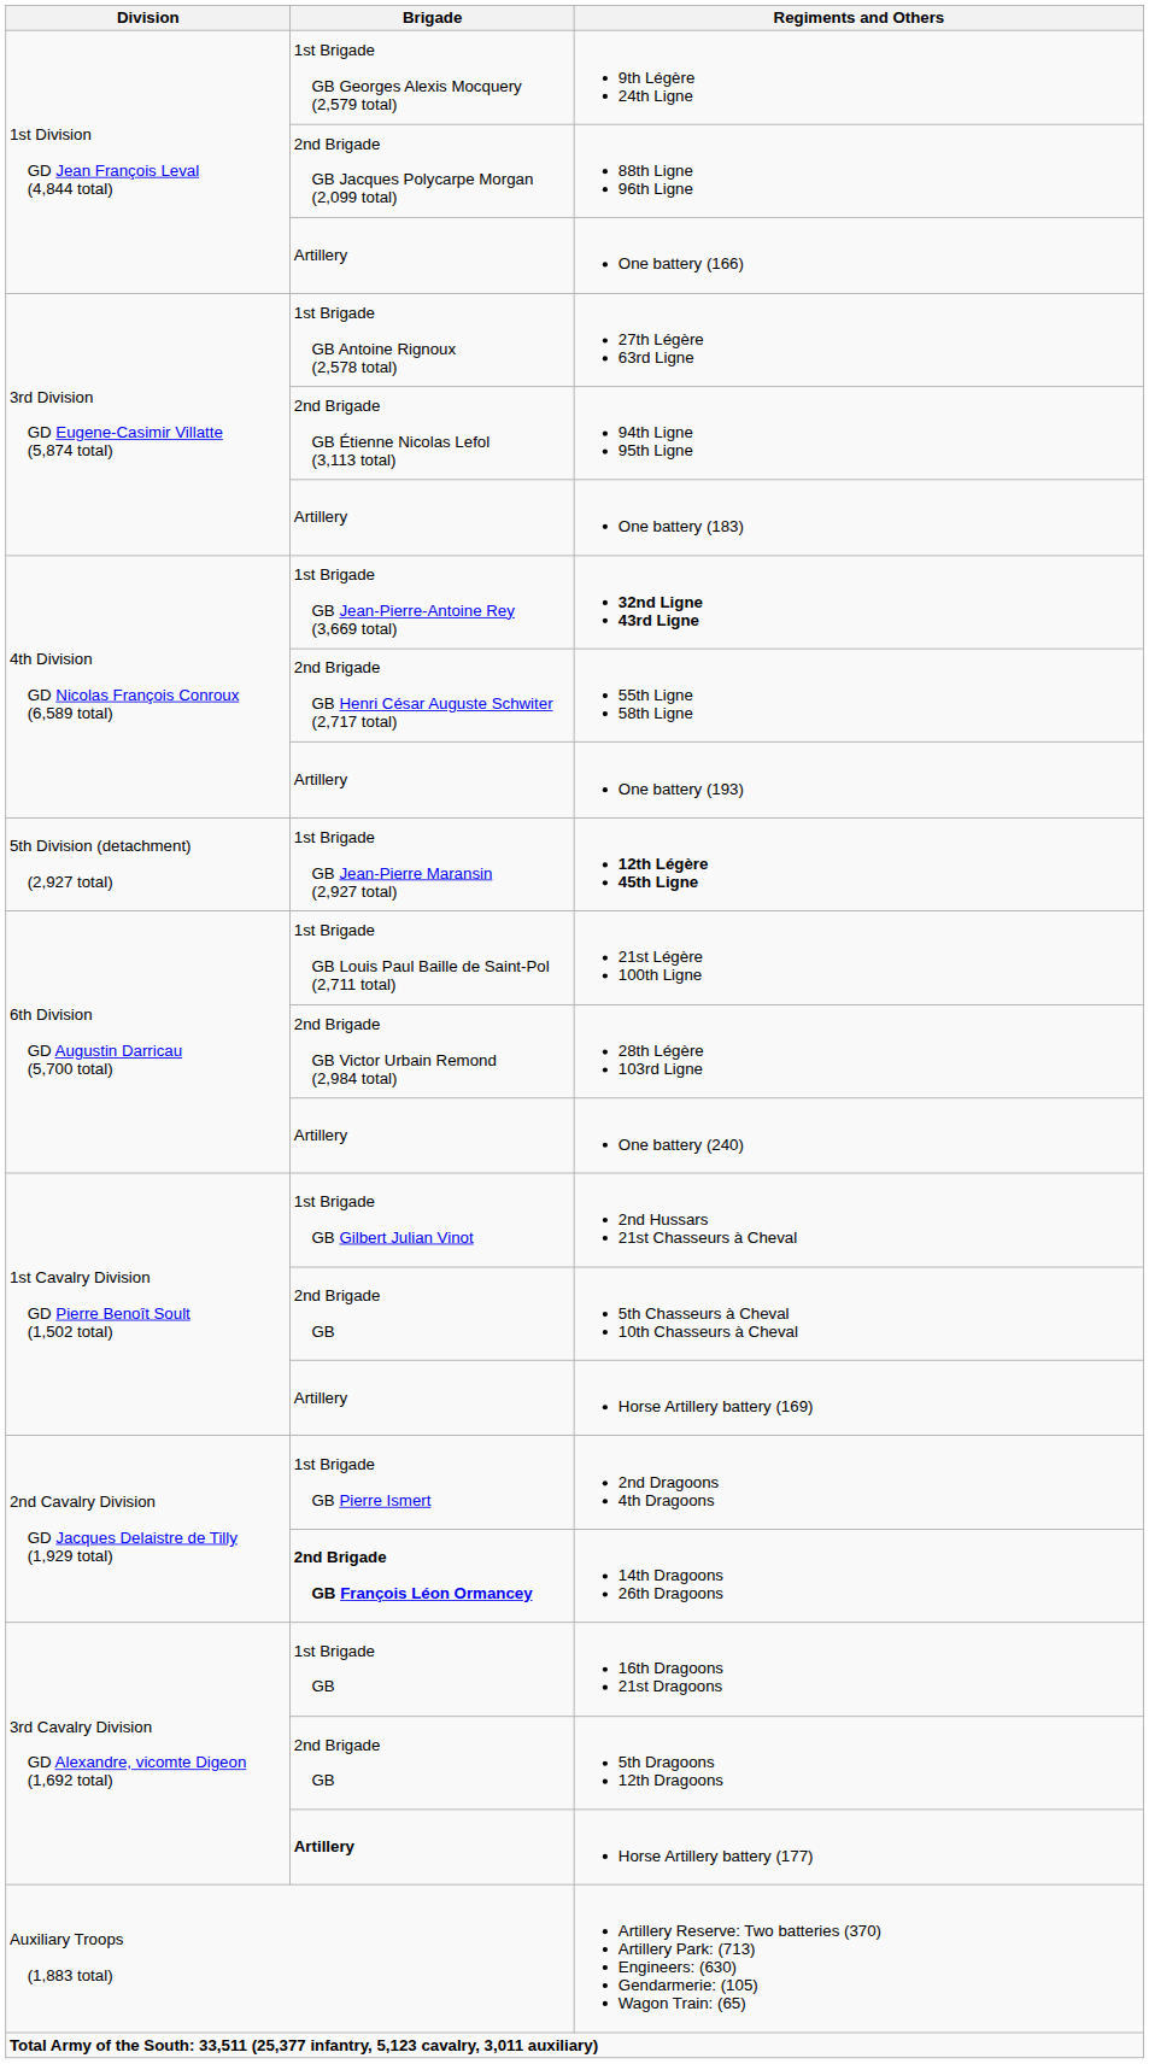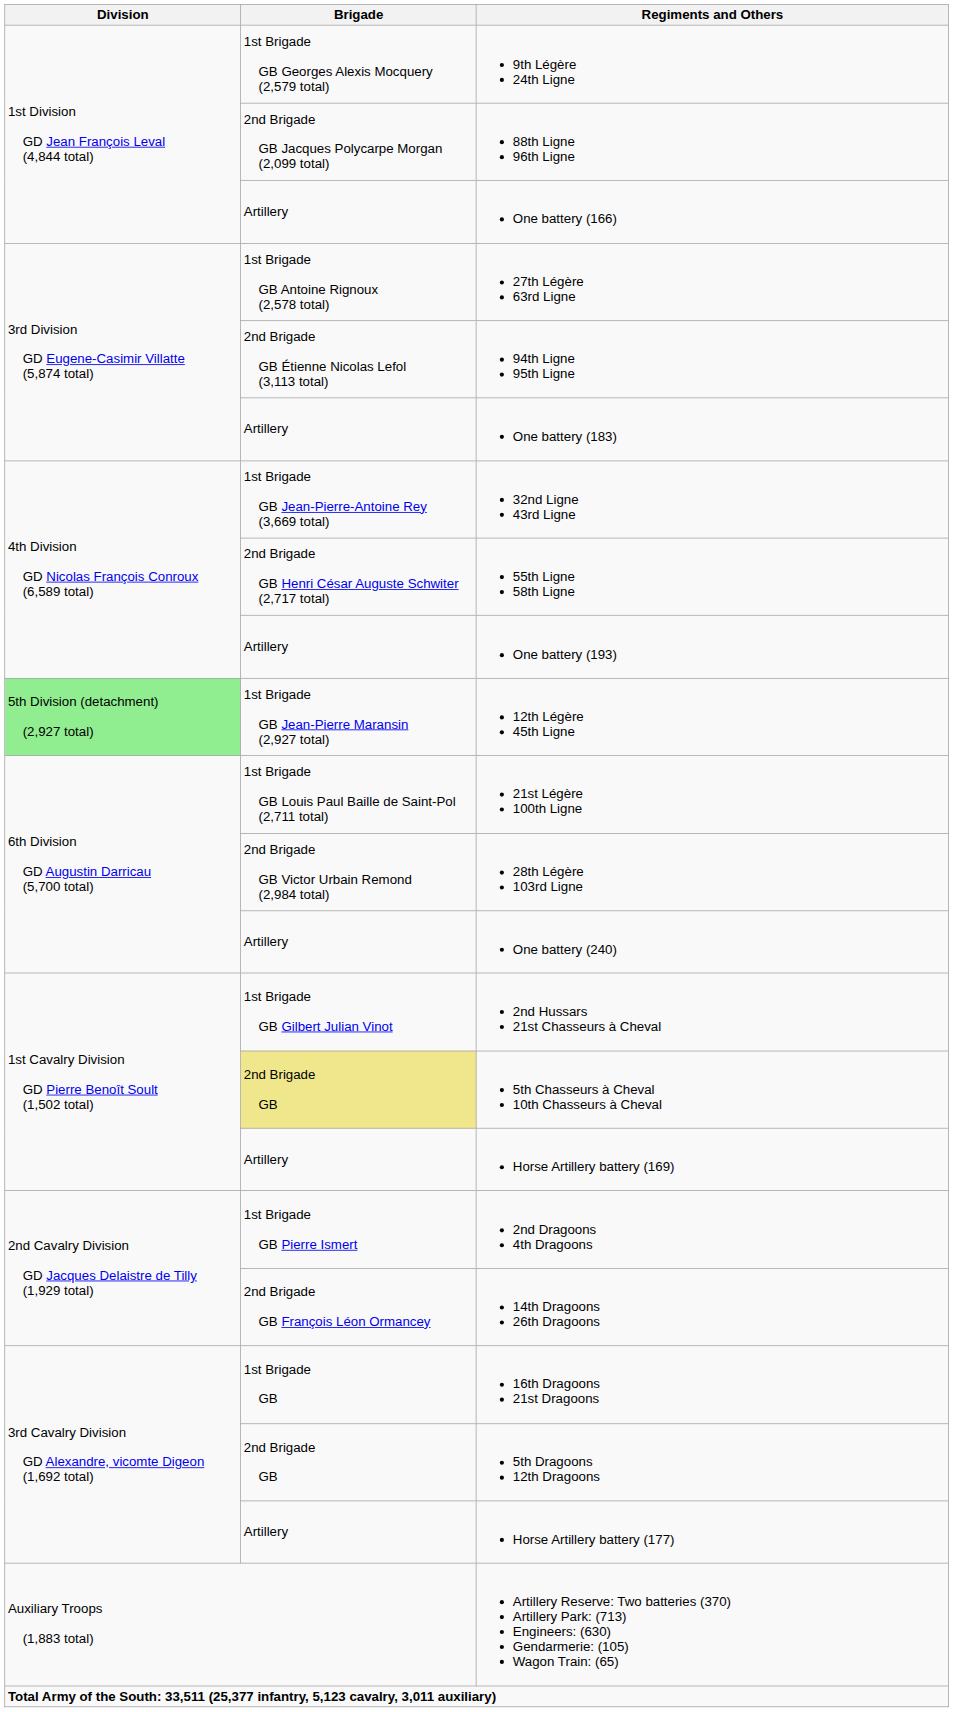 <table class="wikitable" width="90%" style="margin: 1em auto 1em auto">
 <tr>
 <th style="width:25%;">Division</th>
 <th style="width:25%;">Brigade</th>
 <th>Regiments and Others</th>
 </tr>
 <tr>
 <td rowspan=3>1st Division<br><br>    GD <a href='#'>Jean François Leval</a> <br>    (4,844 total)</td>
 <td>1st Brigade<br><br>    GB Georges Alexis Mocquery <br>    (2,579 total)</td>
 <td><br><ul><li>9th Légère</li><li>24th Ligne</li></ul></td>
 </tr>
 <tr>
 <td>2nd Brigade<br><br>    GB Jacques Polycarpe Morgan <br>    (2,099 total)</td>
 <td><br><ul><li>88th Ligne</li><li>96th Ligne</li></ul></td>
 </tr>
 <tr>
 <td>Artillery</td>
 <td><br><ul><li>One battery (166)</li></ul></td>
 </tr>
 <tr>
 <td rowspan=3>3rd Division<br><br>    GD <a href='#'>Eugene-Casimir Villatte</a> <br>    (5,874 total)</td>
 <td>1st Brigade<br><br>    GB Antoine Rignoux <br>    (2,578 total)</td>
 <td><br><ul><li>27th Légère</li><li>63rd Ligne</li></ul></td>
 </tr>
 <tr>
 <td>2nd Brigade<br><br>    GB Étienne Nicolas Lefol <br>    (3,113 total)</td>
 <td><br><ul><li>94th Ligne</li><li>95th Ligne</li></ul></td>
 </tr>
 <tr>
 <td>Artillery</td>
 <td><br><ul><li>One battery (183)</li></ul></td>
 </tr>
 <tr>
 <td rowspan=3>4th Division<br><br>    GD <a href='#'>Nicolas François Conroux</a> <br>    (6,589 total)</td>
 <td>1st Brigade<br><br>    GB <a href='#'>Jean-Pierre-Antoine Rey</a> <br>    (3,669 total)</td>
-<td><strong><br><ul><li>32nd Ligne</li><li>43rd Ligne</li></ul></strong></td>
+<td><br><ul><li>32nd Ligne</li><li>43rd Ligne</li></ul></td>
 </tr>
 <tr>
 <td>2nd Brigade<br><br>    GB <a href='#'>Henri César Auguste Schwiter</a> <br>    (2,717 total)</td>
 <td><br><ul><li>55th Ligne</li><li>58th Ligne</li></ul></td>
 </tr>
 <tr>
 <td>Artillery</td>
 <td><br><ul><li>One battery (193)</li></ul></td>
 </tr>
 <tr>
-<td>5th Division (detachment)<br><br>    (2,927 total)</td>
+<td style="background: lightgreen;">5th Division (detachment)<br><br>    (2,927 total)</td>
 <td>1st Brigade<br><br>    GB <a href='#'>Jean-Pierre Maransin</a> <br>    (2,927 total)</td>
-<td><strong><br><ul><li>12th Légère</li><li>45th Ligne</li></ul></strong></td>
+<td><br><ul><li>12th Légère</li><li>45th Ligne</li></ul></td>
 </tr>
 <tr>
 <td rowspan=3>6th Division<br><br>    GD <a href='#'>Augustin Darricau</a> <br>    (5,700 total)</td>
 <td>1st Brigade<br><br>    GB Louis Paul Baille de Saint-Pol <br>    (2,711 total)</td>
 <td><br><ul><li>21st Légère</li><li>100th Ligne</li></ul></td>
 </tr>
 <tr>
 <td>2nd Brigade<br><br>    GB Victor Urbain Remond <br>    (2,984 total)</td>
 <td><br><ul><li>28th Légère</li><li>103rd Ligne</li></ul></td>
 </tr>
 <tr>
 <td>Artillery</td>
 <td><br><ul><li>One battery (240)</li></ul></td>
 </tr>
 <tr>
 <td rowspan=3>1st Cavalry Division<br><br>    GD <a href='#'>Pierre Benoît Soult</a> <br>    (1,502 total)</td>
 <td>1st Brigade<br><br>    GB <a href='#'>Gilbert Julian Vinot</a></td>
 <td><br><ul><li>2nd Hussars</li><li>21st Chasseurs à Cheval</li></ul></td>
 </tr>
 <tr>
-<td>2nd Brigade<br><br>    GB</td>
+<td style="background: khaki;">2nd Brigade<br><br>    GB</td>
 <td><br><ul><li>5th Chasseurs à Cheval</li><li>10th Chasseurs à Cheval</li></ul></td>
 </tr>
 <tr>
 <td>Artillery</td>
 <td><br><ul><li>Horse Artillery battery (169)</li></ul></td>
 </tr>
 <tr>
 <td rowspan=2>2nd Cavalry Division<br><br>    GD <a href='#'>Jacques Delaistre de Tilly</a> <br>    (1,929 total)</td>
 <td>1st Brigade<br><br>    GB <a href='#'>Pierre Ismert</a></td>
 <td><br><ul><li>2nd Dragoons</li><li>4th Dragoons</li></ul></td>
 </tr>
 <tr>
-<td><strong>2nd Brigade<br><br>    GB <a href='#'>François Léon Ormancey</a></strong></td>
+<td>2nd Brigade<br><br>    GB <a href='#'>François Léon Ormancey</a></td>
 <td><br><ul><li>14th Dragoons</li><li>26th Dragoons</li></ul></td>
 </tr>
 <tr>
 <td rowspan=3>3rd Cavalry Division<br><br>    GD <a href='#'>Alexandre, vicomte Digeon</a> <br>    (1,692 total)</td>
 <td>1st Brigade<br><br>    GB</td>
 <td><br><ul><li>16th Dragoons</li><li>21st Dragoons</li></ul></td>
 </tr>
 <tr>
 <td>2nd Brigade<br><br>    GB</td>
 <td><br><ul><li>5th Dragoons</li><li>12th Dragoons</li></ul></td>
 </tr>
 <tr>
-<td><strong>Artillery</strong></td>
+<td>Artillery</td>
 <td><br><ul><li>Horse Artillery battery (177)</li></ul></td>
 </tr>
 <tr>
 <td colspan=2>Auxiliary Troops<br><br>    (1,883 total)</td>
 <td><br><ul><li>Artillery Reserve: Two batteries (370)</li><li>Artillery Park: (713)</li><li>Engineers: (630)</li><li>Gendarmerie: (105)</li><li>Wagon Train: (65)</li></ul></td>
 </tr>
 <tr>
 <td colspan=3><strong>Total Army of the South: 33,511 (25,377 infantry, 5,123 cavalry, 3,011 auxiliary)</strong></td>
 </tr>
 </table>
